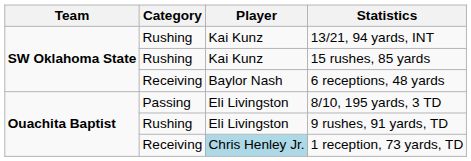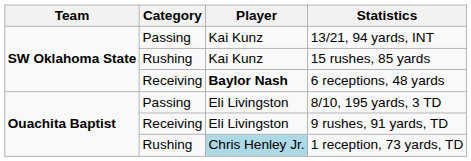 <table class="wikitable" style="float: right;">
 <tr>
 <th>Team</th>
 <th>Category</th>
 <th>Player</th>
 <th>Statistics</th>
 </tr>
 <tr>
 <td rowspan=3><strong>SW Oklahoma State</strong></td>
-<td>Rushing</td>
+<td>Passing</td>
 <td>Kai Kunz</td>
 <td>13/21, 94 yards, INT</td>
 </tr>
 <tr>
 <td>Rushing</td>
 <td>Kai Kunz</td>
 <td>15 rushes, 85 yards</td>
 </tr>
 <tr>
 <td>Receiving</td>
-<td>Baylor Nash</td>
+<td><strong>Baylor Nash</strong></td>
 <td>6 receptions, 48 yards</td>
 </tr>
 <tr>
 <td rowspan=3><strong>Ouachita Baptist</strong></td>
 <td>Passing</td>
 <td>Eli Livingston</td>
 <td>8/10, 195 yards, 3 TD</td>
 </tr>
 <tr>
-<td>Rushing</td>
+<td>Receiving</td>
 <td>Eli Livingston</td>
 <td>9 rushes, 91 yards, TD</td>
 </tr>
 <tr>
-<td>Receiving</td>
+<td>Rushing</td>
 <td style="background: lightblue;">Chris Henley Jr.</td>
 <td>1 reception, 73 yards, TD</td>
 </tr>
 </table>
